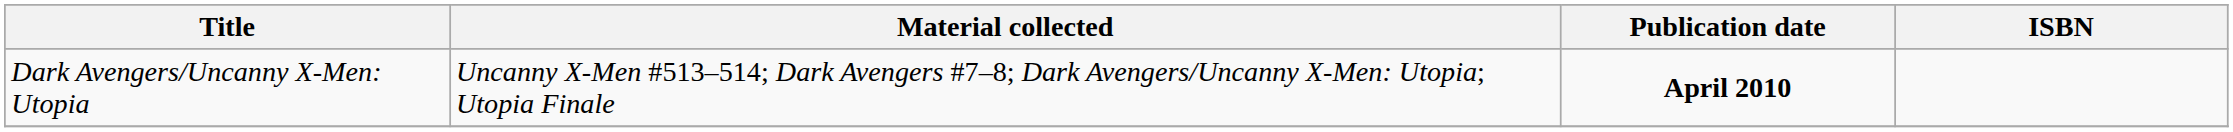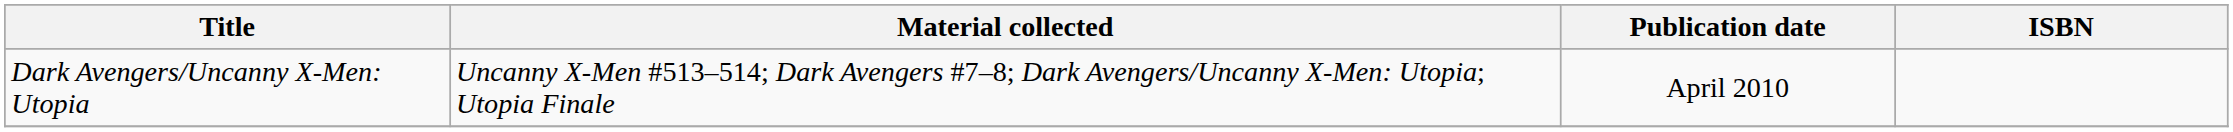 <table class="wikitable" width="100%">
 <tr>
 <th width=20%>Title</th>
 <th width=50%>Material collected</th>
 <th width=15%>Publication date</th>
 <th width=15%>ISBN</th>
 </tr>
 <tr>
 <td><em>Dark Avengers/Uncanny X-Men: Utopia</em></td>
 <td><em>Uncanny X-Men</em> #513–514; <em>Dark Avengers</em> #7–8; <em>Dark Avengers/Uncanny X-Men: Utopia</em>; <em>Utopia Finale</em></td>
-<td align="center"><strong>April 2010</strong></td>
+<td align="center">April 2010</td>
 <td align="center"></td>
 </tr>
 <tr>
 </tr>
 </table>
